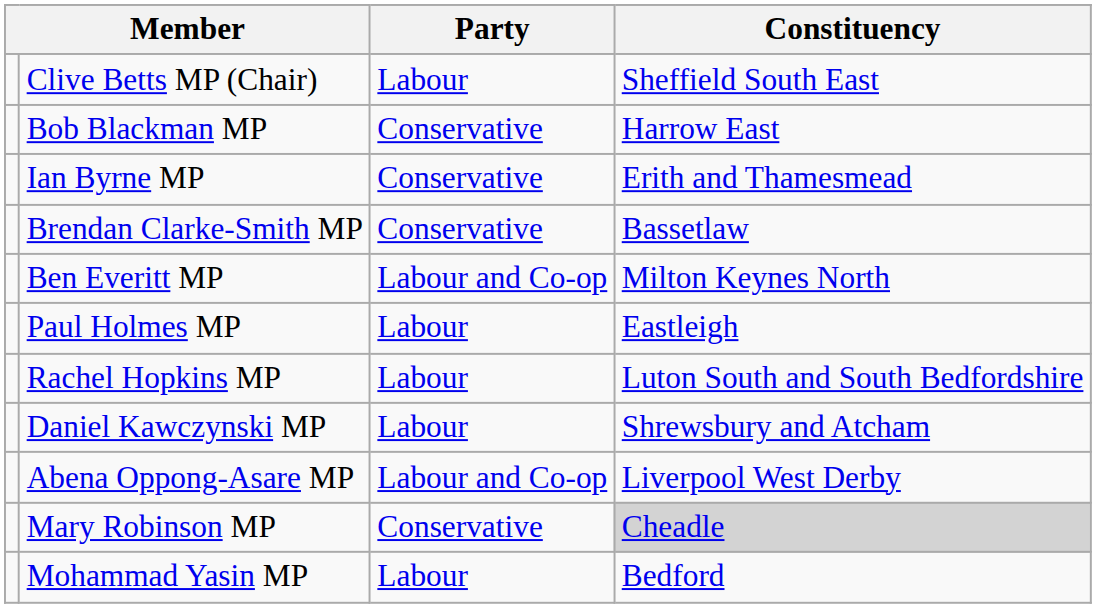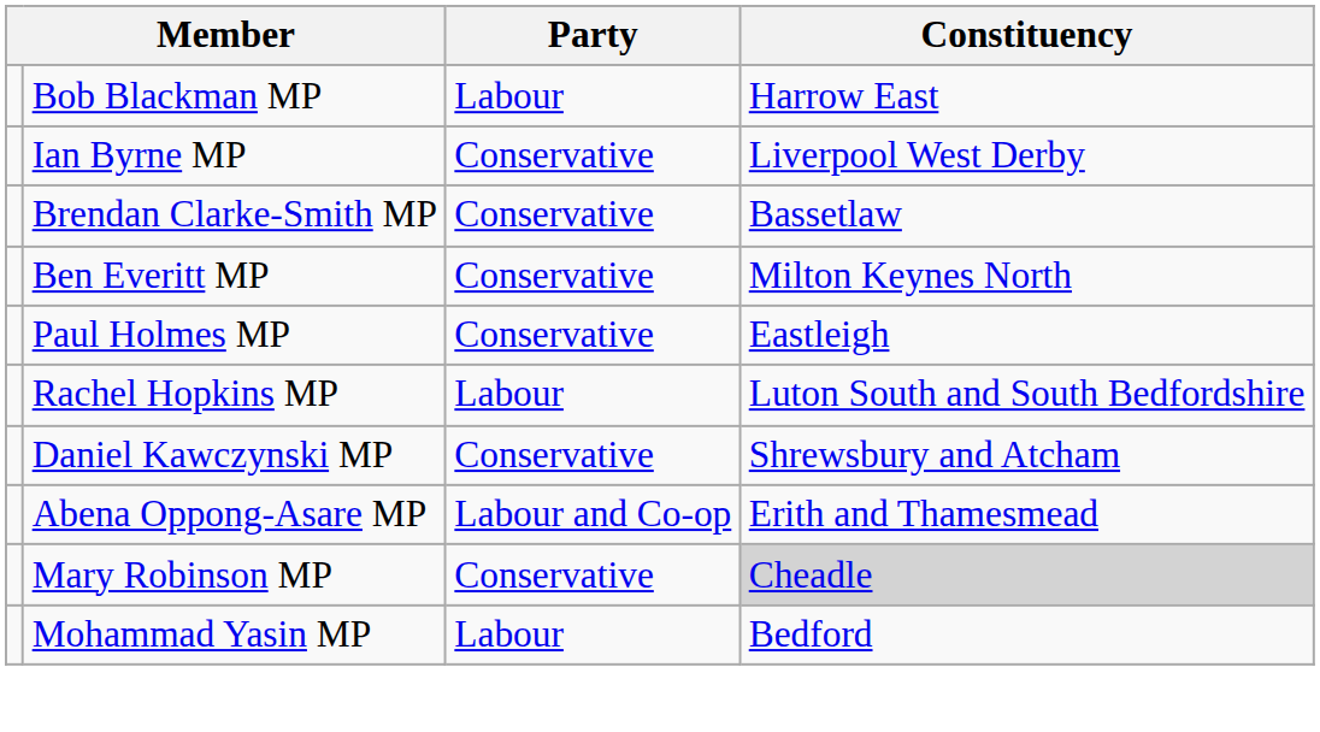 <table class="wikitable">
 <tr>
 <th colspan="2" valign="top">Member</th>
 <th valign="top">Party</th>
 <th valign="top">Constituency</th>
 </tr>
 <tr>
 <td style="color:inherit;background:"></td>
-<td><a href='#'>Clive Betts</a> MP (Chair)</td>
+<td><a href='#'>Bob Blackman</a> MP</td>
 <td><a href='#'>Labour</a></td>
-<td><a href='#'>Sheffield South East</a></td>
-</tr>
-<tr>
-<td style="color:inherit;background:"></td>
-<td><a href='#'>Bob Blackman</a> MP</td>
-<td><a href='#'>Conservative</a></td>
 <td><a href='#'>Harrow East</a></td>
 </tr>
 <tr>
 <td style="color:inherit;background:"></td>
 <td><a href='#'>Ian Byrne</a> MP</td>
 <td><a href='#'>Conservative</a></td>
-<td><a href='#'>Erith and Thamesmead</a></td>
+<td><a href='#'>Liverpool West Derby</a></td>
 </tr>
 <tr>
 <td style="color:inherit;background:"></td>
 <td><a href='#'>Brendan Clarke-Smith</a> MP</td>
 <td><a href='#'>Conservative</a></td>
 <td><a href='#'>Bassetlaw</a></td>
 </tr>
 <tr>
 <td style="color:inherit;background:"></td>
 <td><a href='#'>Ben Everitt</a> MP</td>
-<td><a href='#'>Labour and Co-op</a></td>
+<td><a href='#'>Conservative</a></td>
 <td><a href='#'>Milton Keynes North</a></td>
 </tr>
 <tr>
 <td style="color:inherit;background:"></td>
 <td><a href='#'>Paul Holmes</a> MP</td>
-<td><a href='#'>Labour</a></td>
+<td><a href='#'>Conservative</a></td>
 <td><a href='#'>Eastleigh</a></td>
 </tr>
 <tr>
 <td style="color:inherit;background:"></td>
 <td><a href='#'>Rachel Hopkins</a> MP</td>
 <td><a href='#'>Labour</a></td>
 <td><a href='#'>Luton South and South Bedfordshire</a></td>
 </tr>
 <tr>
 <td style="color:inherit;background:"></td>
 <td><a href='#'>Daniel Kawczynski</a> MP</td>
-<td><a href='#'>Labour</a></td>
+<td><a href='#'>Conservative</a></td>
 <td><a href='#'>Shrewsbury and Atcham</a></td>
 </tr>
 <tr>
 <td style="color:inherit;background:"></td>
 <td><a href='#'>Abena Oppong-Asare</a> MP</td>
 <td><a href='#'>Labour and Co-op</a></td>
-<td><a href='#'>Liverpool West Derby</a></td>
+<td><a href='#'>Erith and Thamesmead</a></td>
 </tr>
 <tr>
 <td style="color:inherit;background:"></td>
 <td><a href='#'>Mary Robinson</a> MP</td>
 <td><a href='#'>Conservative</a></td>
 <td style="background: lightgrey;"><a href='#'>Cheadle</a></td>
 </tr>
 <tr>
 <td style="color:inherit;background:"></td>
 <td><a href='#'>Mohammad Yasin</a> MP</td>
 <td><a href='#'>Labour</a></td>
 <td><a href='#'>Bedford</a></td>
 </tr>
 </table>
